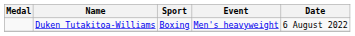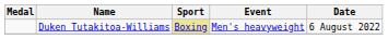 <table class="wikitable sortable">
 <tr>
 <th>Medal</th>
 <th>Name</th>
 <th>Sport</th>
 <th>Event</th>
 <th>Date</th>
 </tr>
 <tr>
 <td align=center></td>
 <td><a href='#'>Duken Tutakitoa-Williams</a></td>
-<td><a href='#'>Boxing</a></td>
+<td style="background: khaki;"><a href='#'>Boxing</a></td>
 <td><a href='#'>Men's heavyweight</a></td>
 <td>6 August 2022</td>
 </tr>
 <tr>
 </tr>
 </table>
